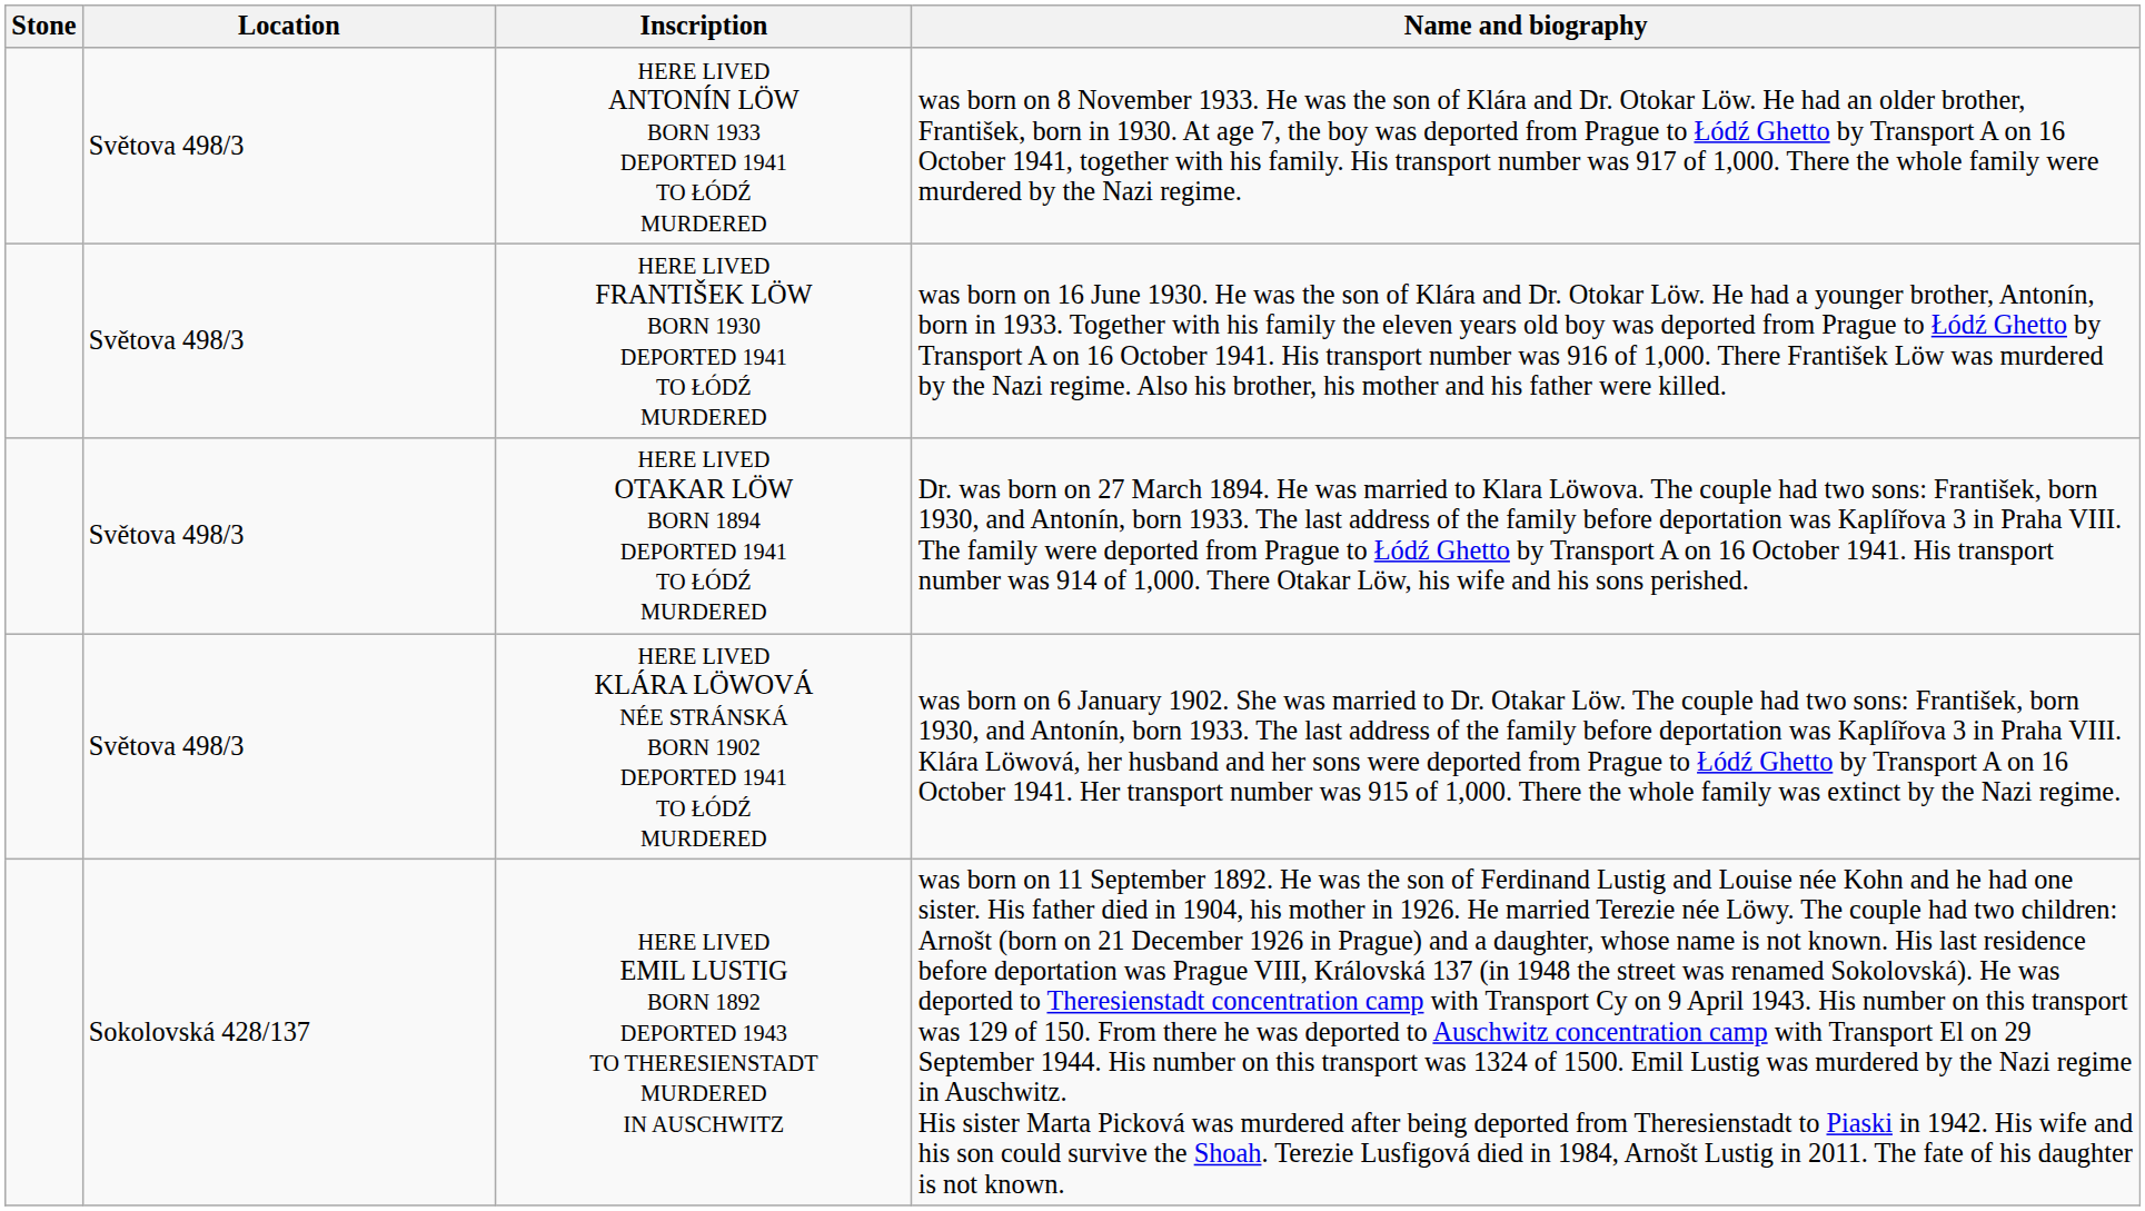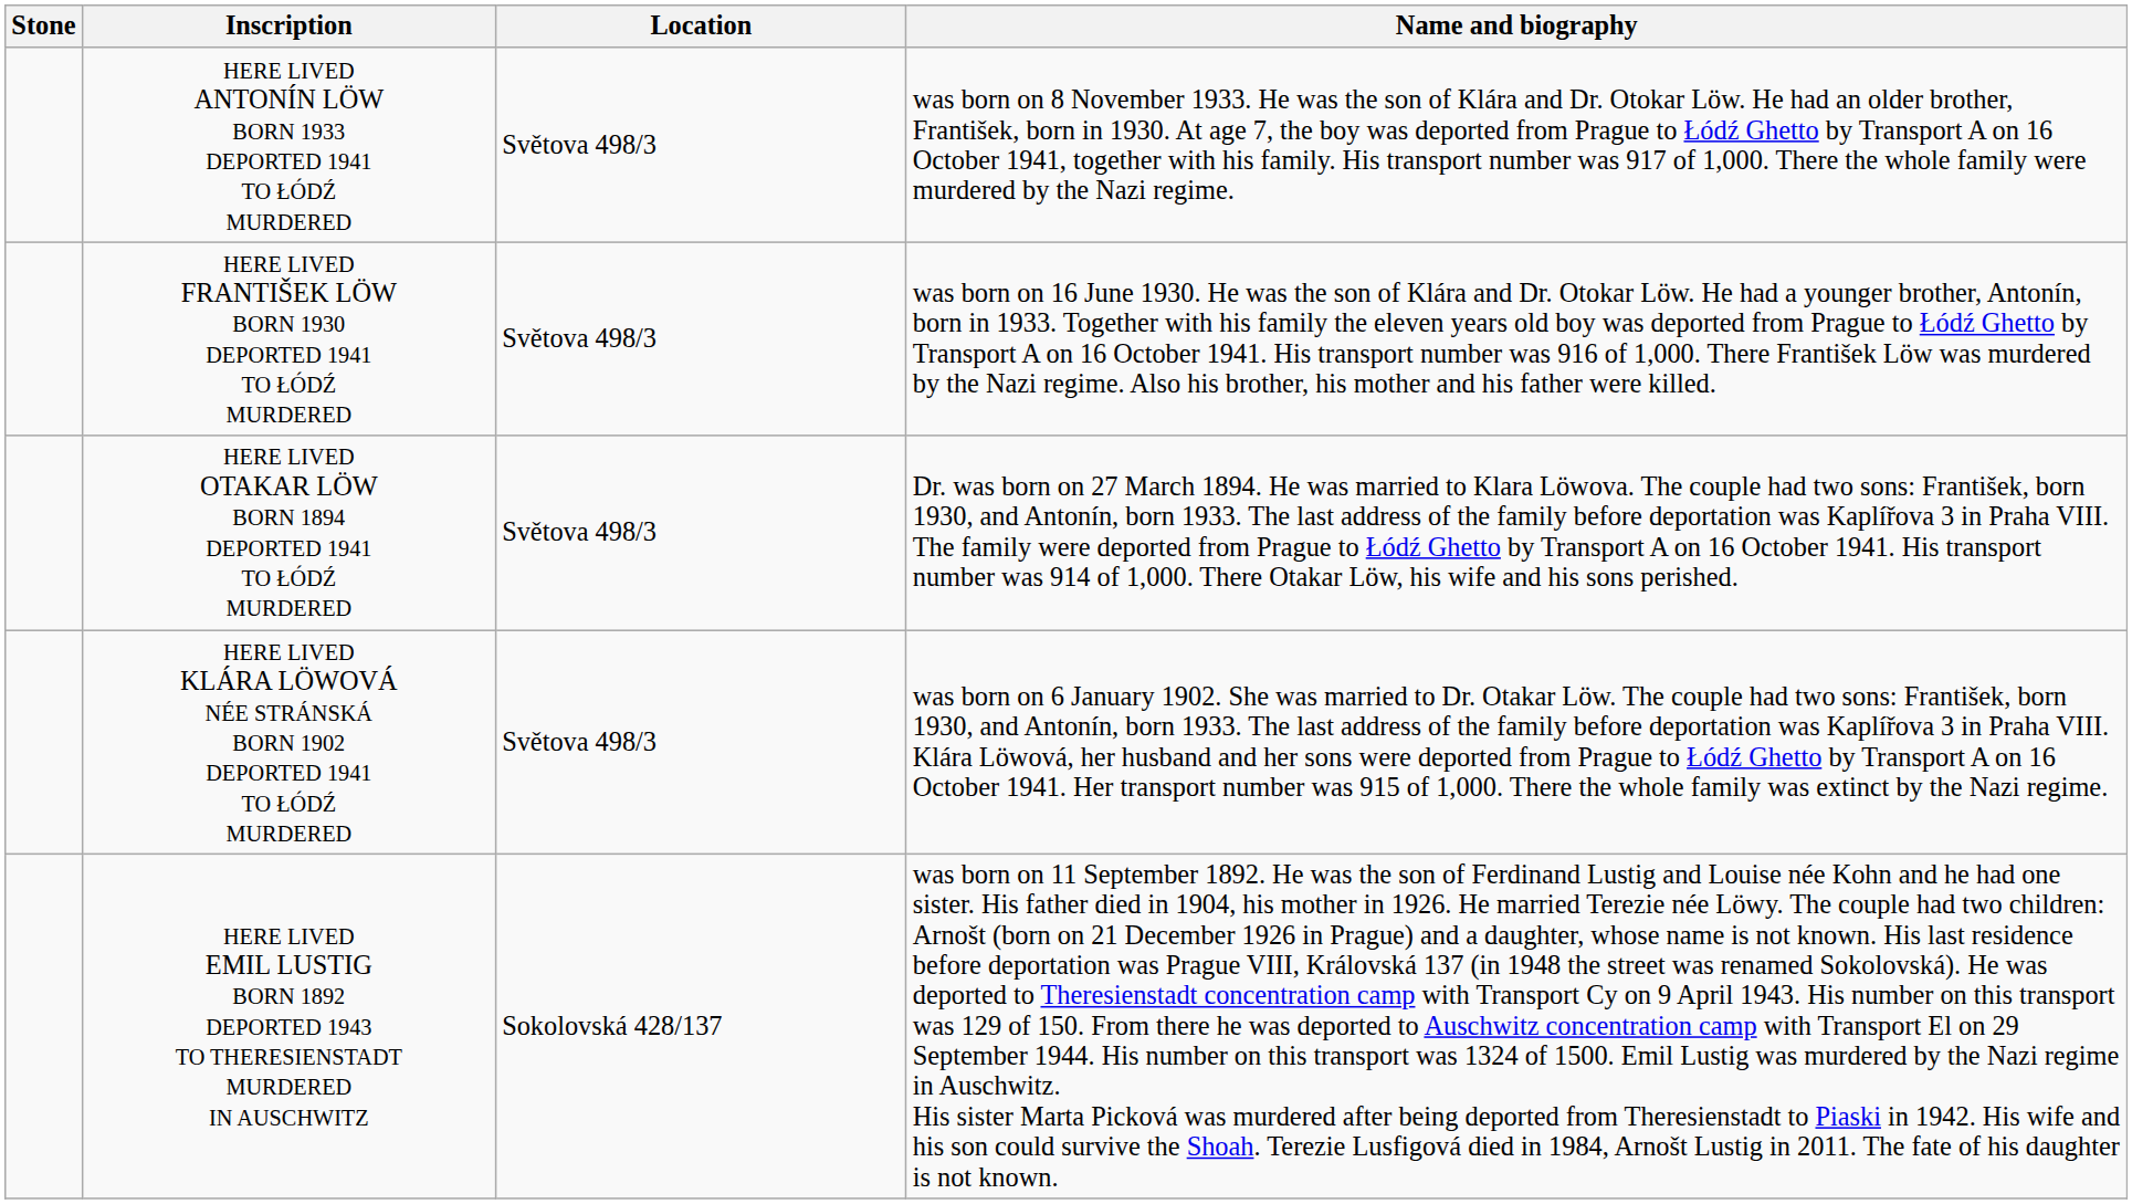 <table class="wikitable sortable toptextcells" style="width:100%">
 <tr>
 <th class="hintergrundfarbe6 unsortable" width="120px">Stone</th>
+<th class="hintergrundfarbe6 unsortable" style ="width:20%;">Inscription</th>
 <th class="hintergrundfarbe6" data-sort-type="text" style ="width:20%;">Location</th>
-<th class="hintergrundfarbe6 unsortable" style ="width:20%;">Inscription</th>
 <th class="hintergrundfarbe6" style="width:100%;">Name and biography</th>
 </tr>
 <tr>
 <td></td>
+<td style="text-align:center"><div><small>HERE LIVED</small><br>ANTONÍN LÖW<br><small>BORN 1933<br>DEPORTED 1941<br>TO ŁÓDŹ<br>MURDERED</small></div></td>
 <td>Světova 498/3<br></td>
-<td style="text-align:center"><div><small>HERE LIVED</small><br>ANTONÍN LÖW<br><small>BORN 1933<br>DEPORTED 1941<br>TO ŁÓDŹ<br>MURDERED</small></div></td>
 <td><strong></strong> was born on 8 November 1933. He was the son of Klára and Dr. Otokar Löw. He had an older brother, František, born in 1930. At age 7, the boy was deported from Prague to <a href='#'>Łódź Ghetto</a> by Transport A on 16 October 1941, together with his family. His transport number was 917 of 1,000. There the whole family were murdered by the Nazi regime.</td>
 </tr>
 <tr>
 <td></td>
+<td style="text-align:center"><div><small>HERE LIVED</small><br>FRANTIŠEK LÖW<br><small>BORN 1930<br>DEPORTED 1941<br>TO ŁÓDŹ<br>MURDERED</small></div></td>
 <td>Světova 498/3<br></td>
-<td style="text-align:center"><div><small>HERE LIVED</small><br>FRANTIŠEK LÖW<br><small>BORN 1930<br>DEPORTED 1941<br>TO ŁÓDŹ<br>MURDERED</small></div></td>
 <td><strong></strong> was born on 16 June 1930. He was the son of Klára and Dr. Otokar Löw. He had a younger brother, Antonín, born in 1933. Together with his family the eleven years old boy was deported from Prague to <a href='#'>Łódź Ghetto</a> by Transport A on 16 October 1941. His transport number was 916 of 1,000. There František Löw was murdered by the Nazi regime. Also his brother, his mother and his father were killed.</td>
 </tr>
 <tr>
 <td></td>
+<td style="text-align:center"><div><small>HERE LIVED</small><br>OTAKAR LÖW<br><small>BORN 1894<br>DEPORTED 1941<br>TO ŁÓDŹ<br>MURDERED</small></div></td>
 <td>Světova 498/3<br></td>
-<td style="text-align:center"><div><small>HERE LIVED</small><br>OTAKAR LÖW<br><small>BORN 1894<br>DEPORTED 1941<br>TO ŁÓDŹ<br>MURDERED</small></div></td>
 <td>Dr. <strong></strong> was born on 27 March 1894. He was married to Klara Löwova. The couple had two sons: František, born 1930, and Antonín, born 1933. The last address of the family before deportation was Kaplířova 3 in Praha VIII. The family were deported from Prague to <a href='#'>Łódź Ghetto</a> by Transport A on 16 October 1941. His transport number was 914 of 1,000. There Otakar Löw, his wife and his sons perished.</td>
 </tr>
 <tr>
 <td></td>
+<td style="text-align:center"><div><small>HERE LIVED</small><br>KLÁRA LÖWOVÁ<br><small>NÉE STRÁNSKÁ<br>BORN 1902<br>DEPORTED 1941<br>TO ŁÓDŹ<br>MURDERED</small></div></td>
 <td>Světova 498/3<br></td>
-<td style="text-align:center"><div><small>HERE LIVED</small><br>KLÁRA LÖWOVÁ<br><small>NÉE STRÁNSKÁ<br>BORN 1902<br>DEPORTED 1941<br>TO ŁÓDŹ<br>MURDERED</small></div></td>
 <td><strong></strong> was born on 6 January 1902. She was married to Dr. Otakar Löw. The couple had two sons: František, born 1930, and Antonín, born 1933. The last address of the family before deportation was Kaplířova 3 in Praha VIII. Klára Löwová, her husband and her sons were deported from Prague to <a href='#'>Łódź Ghetto</a> by Transport A on 16 October 1941. Her transport number was 915 of 1,000. There the whole family was extinct by the Nazi regime.</td>
 </tr>
 <tr>
 <td></td>
+<td style="text-align:center"><div><small>HERE LIVED</small><br>EMIL LUSTIG<br><small>BORN 1892<br>DEPORTED 1943<br>TO THERESIENSTADT<br>MURDERED<br>IN AUSCHWITZ</small></div></td>
 <td>Sokolovská 428/137<br></td>
-<td style="text-align:center"><div><small>HERE LIVED</small><br>EMIL LUSTIG<br><small>BORN 1892<br>DEPORTED 1943<br>TO THERESIENSTADT<br>MURDERED<br>IN AUSCHWITZ</small></div></td>
 <td><strong></strong> was born on 11 September 1892. He was the son of Ferdinand Lustig and Louise née Kohn and he had one sister. His father died in 1904, his mother in 1926. He married Terezie née Löwy. The couple had two children: Arnošt (born on 21 December 1926 in Prague) and a daughter, whose name is not known. His last residence before deportation was Prague VIII, Královská 137 (in 1948 the street was renamed Sokolovská). He was deported to <a href='#'>Theresienstadt concentration camp</a> with Transport Cy on 9 April 1943. His number on this transport was 129 of 150. From there he was deported to <a href='#'>Auschwitz concentration camp</a> with Transport El on 29 September 1944. His number on this transport was 1324 of 1500. Emil Lustig was murdered by the Nazi regime in Auschwitz.<br>His sister Marta Picková was murdered after being deported from Theresienstadt to <a href='#'>Piaski</a> in 1942. His wife and his son could survive the <a href='#'>Shoah</a>. Terezie Lusfigová died in 1984, Arnošt Lustig in 2011. The fate of his daughter is not known.</td>
 </tr>
 </table>
